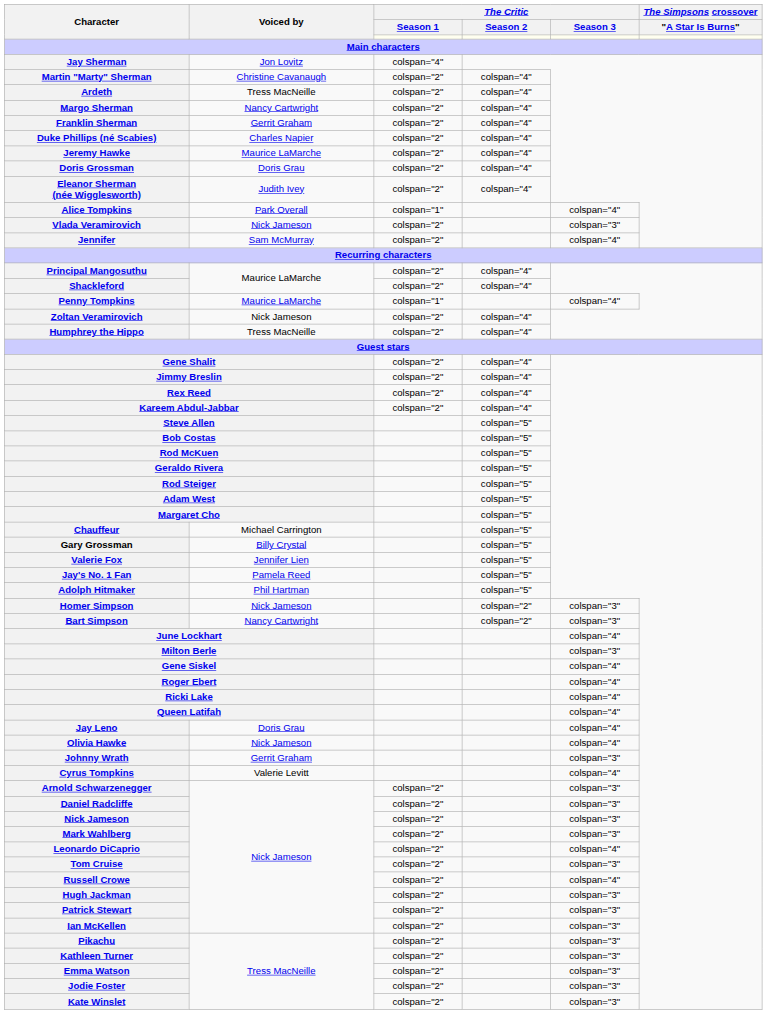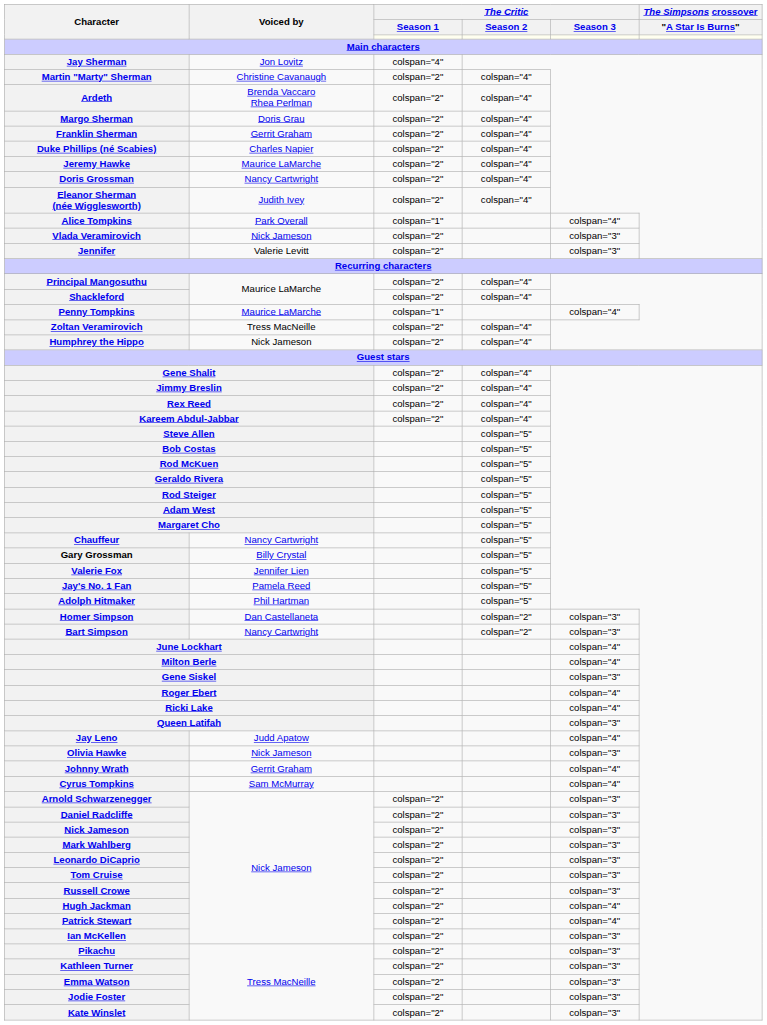 <table class="wikitable" style="text-align:center; width:100%">
 <tr>
 <th scope="col" rowspan="3" style="width:15%;">Character</th>
 <th scope="col" rowspan="3" style="width:15%;">Voiced by</th>
 <th scope="col" colspan="3"><em><a href='#'>The Critic</a></em></th>
 <th scope="col" colspan="1"><em><a href='#'>The Simpsons</a></em> <a href='#'>crossover</a></th>
 </tr>
 <tr>
 <th scope="col" style="width:7%;"><a href='#'>Season 1</a></th>
 <th scope="col" style="width:7%;"><a href='#'>Season 2</a></th>
 <th scope="col" style="width:7%;"><a href='#'>Season 3</a></th>
 <th scope="col" style="width:10%;">"<a href='#'>A Star Is Burns</a>"</th>
 </tr>
 <tr>
 <td style="background:ivory;"></td>
 <td style="background:ivory;"></td>
 <td style="background:ivory;"></td>
 <td style="background:ivory;"></td>
 </tr>
 <tr>
 <th colspan="6" style="background:#ccccff;"><a href='#'>Main characters</a><br></th>
 </tr>
 <tr>
 <th scope="row"><a href='#'>Jay Sherman</a></th>
 <td><a href='#'>Jon Lovitz</a></td>
 <td>colspan="4" </td>
 </tr>
 <tr>
 <th scope="row"><a href='#'>Martin "Marty" Sherman</a></th>
 <td><a href='#'>Christine Cavanaugh</a></td>
 <td>colspan="2" </td>
 <td>colspan="4" </td>
 </tr>
 <tr>
 <th scope="row"><a href='#'>Ardeth</a></th>
-<td>Tress MacNeille</td>
+<td><a href='#'>Brenda Vaccaro</a> <br><a href='#'>Rhea Perlman</a> </td>
 <td>colspan="2" </td>
 <td>colspan="4" </td>
 </tr>
 <tr>
 <th scope="row"><a href='#'>Margo Sherman</a></th>
-<td><a href='#'>Nancy Cartwright</a></td>
+<td><a href='#'>Doris Grau</a></td>
 <td>colspan="2" </td>
 <td>colspan="4" </td>
 </tr>
 <tr>
 <th scope="row"><a href='#'>Franklin Sherman</a></th>
 <td><a href='#'>Gerrit Graham</a></td>
 <td>colspan="2" </td>
 <td>colspan="4" </td>
 </tr>
 <tr>
 <th scope="row"><a href='#'>Duke Phillips (né Scabies)</a></th>
 <td><a href='#'>Charles Napier</a></td>
 <td>colspan="2" </td>
 <td>colspan="4" </td>
 </tr>
 <tr>
 <th scope="row"><a href='#'>Jeremy Hawke</a></th>
 <td><a href='#'>Maurice LaMarche</a></td>
 <td>colspan="2" </td>
 <td>colspan="4" </td>
 </tr>
 <tr>
 <th scope="row"><a href='#'>Doris Grossman</a></th>
-<td><a href='#'>Doris Grau</a></td>
+<td><a href='#'>Nancy Cartwright</a></td>
 <td>colspan="2" </td>
 <td>colspan="4" </td>
 </tr>
 <tr>
 <th scope="row"><a href='#'>Eleanor Sherman<br>(née Wigglesworth)</a></th>
 <td><a href='#'>Judith Ivey</a></td>
 <td>colspan="2" </td>
 <td>colspan="4" </td>
 </tr>
 <tr>
 <th scope="row"><a href='#'>Alice Tompkins</a></th>
 <td><a href='#'>Park Overall</a></td>
 <td>colspan="1" </td>
 <td></td>
 <td>colspan="4" </td>
 </tr>
 <tr>
 <th scope="row"><a href='#'>Vlada Veramirovich</a></th>
 <td><a href='#'>Nick Jameson</a></td>
 <td>colspan="2" </td>
 <td></td>
 <td>colspan="3" </td>
 </tr>
 <tr>
 <th scope="row"><a href='#'>Jennifer</a></th>
-<td><a href='#'>Sam McMurray</a></td>
+<td>Valerie Levitt</td>
 <td>colspan="2" </td>
 <td></td>
-<td>colspan="4" </td>
+<td>colspan="3" </td>
 </tr>
 <tr>
 <th colspan="8" style="background:#ccccff;"><a href='#'>Recurring characters</a><br></th>
 </tr>
 <tr>
 <th><a href='#'>Principal Mangosuthu</a></th>
 <td rowspan="2">Maurice LaMarche</td>
 <td>colspan="2" </td>
 <td>colspan="4" </td>
 </tr>
 <tr>
 <th scope="row"><a href='#'>Shackleford</a></th>
 <td>colspan="2" </td>
 <td>colspan="4" </td>
 </tr>
 <tr>
 <th scope="row"><a href='#'>Penny Tompkins</a></th>
 <td><a href='#'>Maurice LaMarche</a></td>
 <td>colspan="1" </td>
 <td></td>
 <td>colspan="4" </td>
 </tr>
 <tr>
 <th scope="row"><a href='#'>Zoltan Veramirovich</a></th>
-<td>Nick Jameson</td>
+<td>Tress MacNeille</td>
 <td>colspan="2" </td>
 <td>colspan="4" </td>
 </tr>
 <tr>
 <th scope="row"><a href='#'>Humphrey the Hippo</a></th>
-<td>Tress MacNeille</td>
+<td>Nick Jameson</td>
 <td>colspan="2" </td>
 <td>colspan="4" </td>
 </tr>
 <tr>
 <th colspan="8" style="background:#ccccff;"><a href='#'>Guest stars</a><br></th>
 </tr>
 <tr>
 <th scope="row" colspan="2"><a href='#'>Gene Shalit</a></th>
 <td>colspan="2" </td>
 <td>colspan="4" </td>
 </tr>
 <tr>
 <th scope="row" colspan="2"><a href='#'>Jimmy Breslin</a></th>
 <td>colspan="2" </td>
 <td>colspan="4" </td>
 </tr>
 <tr>
 <th scope="row" colspan="2"><a href='#'>Rex Reed</a></th>
 <td>colspan="2" </td>
 <td>colspan="4" </td>
 </tr>
 <tr>
 <th scope="row" colspan="2"><a href='#'>Kareem Abdul-Jabbar</a></th>
 <td>colspan="2" </td>
 <td>colspan="4" </td>
 </tr>
 <tr>
 <th scope="row" colspan="2"><a href='#'>Steve Allen</a></th>
 <td></td>
 <td>colspan="5" </td>
 </tr>
 <tr>
 <th scope="row" colspan="2"><a href='#'>Bob Costas</a></th>
 <td></td>
 <td>colspan="5" </td>
 </tr>
 <tr>
 <th scope="row" colspan="2"><a href='#'>Rod McKuen</a></th>
 <td></td>
 <td>colspan="5" </td>
 </tr>
 <tr>
 <th scope="row" colspan="2"><a href='#'>Geraldo Rivera</a></th>
 <td></td>
 <td>colspan="5" </td>
 </tr>
 <tr>
 <th scope="row" colspan="2"><a href='#'>Rod Steiger</a></th>
 <td></td>
 <td>colspan="5" </td>
 </tr>
 <tr>
 <th scope="row" colspan="2"><a href='#'>Adam West</a></th>
 <td></td>
 <td>colspan="5" </td>
 </tr>
 <tr>
 <th scope="row" colspan="2"><a href='#'>Margaret Cho</a></th>
 <td></td>
 <td>colspan="5" </td>
 </tr>
 <tr>
 <th scope="row"><a href='#'>Chauffeur</a></th>
-<td>Michael Carrington</td>
+<td><a href='#'>Nancy Cartwright</a></td>
 <td></td>
 <td>colspan="5" </td>
 </tr>
 <tr>
 <th scope="row">Gary Grossman</th>
 <td><a href='#'>Billy Crystal</a></td>
 <td></td>
 <td>colspan="5" </td>
 </tr>
 <tr>
 <th scope="row"><a href='#'>Valerie Fox</a></th>
 <td><a href='#'>Jennifer Lien</a></td>
 <td></td>
 <td>colspan="5" </td>
 </tr>
 <tr>
 <th scope="row"><a href='#'>Jay's No. 1 Fan</a></th>
 <td><a href='#'>Pamela Reed</a></td>
 <td></td>
 <td>colspan="5" </td>
 </tr>
 <tr>
 <th scope="row"><a href='#'>Adolph Hitmaker</a></th>
 <td><a href='#'>Phil Hartman</a></td>
 <td></td>
 <td>colspan="5" </td>
 </tr>
 <tr>
 <th><a href='#'>Homer Simpson</a></th>
-<td><a href='#'>Nick Jameson</a></td>
+<td><a href='#'>Dan Castellaneta</a></td>
 <td></td>
 <td>colspan="2" </td>
 <td>colspan="3" </td>
 </tr>
 <tr>
 <th><a href='#'>Bart Simpson</a></th>
 <td><a href='#'>Nancy Cartwright</a></td>
 <td></td>
 <td>colspan="2" </td>
 <td>colspan="3" </td>
 </tr>
 <tr>
 <th scope="row" colspan="2"><a href='#'>June Lockhart</a></th>
 <td></td>
 <td></td>
 <td>colspan="4" </td>
 </tr>
 <tr>
 <th scope="row" colspan="2"><a href='#'>Milton Berle</a></th>
 <td></td>
 <td></td>
-<td>colspan="3" </td>
+<td>colspan="4" </td>
 </tr>
 <tr>
 <th scope="row" colspan="2"><a href='#'>Gene Siskel</a></th>
 <td></td>
 <td></td>
-<td>colspan="4" </td>
+<td>colspan="3" </td>
 </tr>
 <tr>
 <th scope="row" colspan="2"><a href='#'>Roger Ebert</a></th>
 <td></td>
 <td></td>
 <td>colspan="4" </td>
 </tr>
 <tr>
 <th scope="row" colspan="2"><a href='#'>Ricki Lake</a></th>
 <td></td>
 <td></td>
 <td>colspan="4" </td>
 </tr>
 <tr>
 <th scope="row" colspan="2"><a href='#'>Queen Latifah</a></th>
 <td></td>
 <td></td>
-<td>colspan="4" </td>
+<td>colspan="3" </td>
 </tr>
 <tr>
 <th scope="row"><a href='#'>Jay Leno</a></th>
-<td><a href='#'>Doris Grau</a></td>
+<td><a href='#'>Judd Apatow</a></td>
 <td></td>
 <td></td>
 <td>colspan="4" </td>
 </tr>
 <tr>
 <th scope="row"><a href='#'>Olivia Hawke</a></th>
 <td><a href='#'>Nick Jameson</a></td>
 <td></td>
 <td></td>
-<td>colspan="4" </td>
+<td>colspan="3" </td>
 </tr>
 <tr>
 <th scope="row"><a href='#'>Johnny Wrath</a></th>
 <td><a href='#'>Gerrit Graham</a></td>
 <td></td>
 <td></td>
-<td>colspan="3" </td>
+<td>colspan="4" </td>
 </tr>
 <tr>
 <th scope="row"><a href='#'>Cyrus Tompkins</a></th>
-<td>Valerie Levitt</td>
+<td><a href='#'>Sam McMurray</a></td>
 <td></td>
 <td></td>
 <td>colspan="4" </td>
 </tr>
 <tr>
 <th scope="row"><a href='#'>Arnold Schwarzenegger</a></th>
 <td rowspan="10"><a href='#'>Nick Jameson</a></td>
 <td>colspan="2" </td>
 <td></td>
 <td>colspan="3" </td>
 </tr>
 <tr>
 <th scope="row"><a href='#'>Daniel Radcliffe</a></th>
 <td>colspan="2" </td>
 <td></td>
 <td>colspan="3" </td>
 </tr>
 <tr>
 <th scope="row"><a href='#'>Nick Jameson</a></th>
 <td>colspan="2" </td>
 <td></td>
 <td>colspan="3" </td>
 </tr>
 <tr>
 <th scope="row"><a href='#'>Mark Wahlberg</a></th>
 <td>colspan="2" </td>
 <td></td>
 <td>colspan="3" </td>
 </tr>
 <tr>
 <th scope="row"><a href='#'>Leonardo DiCaprio</a></th>
 <td>colspan="2" </td>
 <td></td>
-<td>colspan="4" </td>
+<td>colspan="3" </td>
 </tr>
 <tr>
 <th scope="row"><a href='#'>Tom Cruise</a></th>
 <td>colspan="2" </td>
 <td></td>
 <td>colspan="3" </td>
 </tr>
 <tr>
 <th scope="row"><a href='#'>Russell Crowe</a></th>
 <td>colspan="2" </td>
 <td></td>
-<td>colspan="4" </td>
+<td>colspan="3" </td>
 </tr>
 <tr>
 <th scope="row"><a href='#'>Hugh Jackman</a></th>
 <td>colspan="2" </td>
 <td></td>
-<td>colspan="3" </td>
+<td>colspan="4" </td>
 </tr>
 <tr>
 <th scope="row"><a href='#'>Patrick Stewart</a></th>
 <td>colspan="2" </td>
 <td></td>
-<td>colspan="3" </td>
+<td>colspan="4" </td>
 </tr>
 <tr>
 <th scope="row"><a href='#'>Ian McKellen</a></th>
 <td>colspan="2" </td>
 <td></td>
 <td>colspan="3" </td>
 </tr>
 <tr>
 <th scope="row"><a href='#'>Pikachu</a></th>
 <td rowspan="5"><a href='#'>Tress MacNeille</a></td>
 <td>colspan="2" </td>
 <td></td>
 <td>colspan="3" </td>
 </tr>
 <tr>
 <th scope="row"><a href='#'>Kathleen Turner</a></th>
 <td>colspan="2" </td>
 <td></td>
 <td>colspan="3" </td>
 </tr>
 <tr>
 <th scope="row"><a href='#'>Emma Watson</a></th>
 <td>colspan="2" </td>
 <td></td>
 <td>colspan="3" </td>
 </tr>
 <tr>
 <th scope="row"><a href='#'>Jodie Foster</a></th>
 <td>colspan="2" </td>
 <td></td>
 <td>colspan="3" </td>
 </tr>
 <tr>
 <th scope="row"><a href='#'>Kate Winslet</a></th>
 <td>colspan="2" </td>
 <td></td>
 <td>colspan="3" </td>
 </tr>
 </table>
